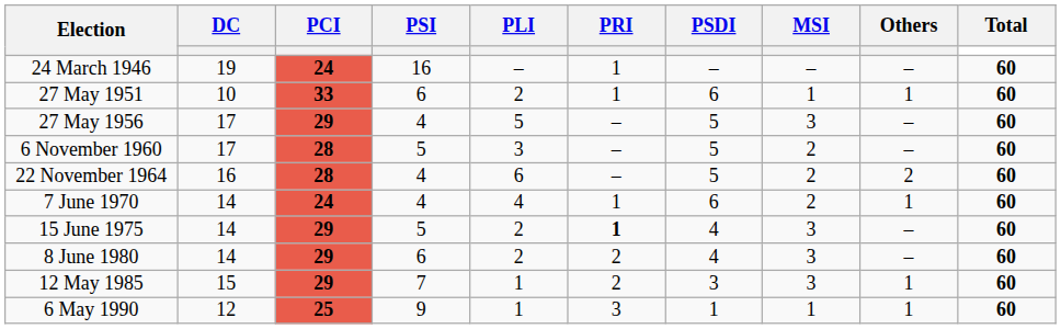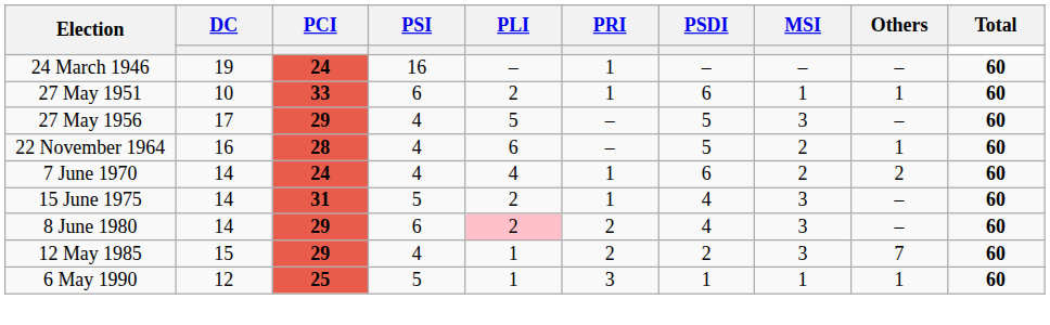 <table class="wikitable" style="text-align:center;font-size:90%;line-height:13px">
 <tr style="height:30px; background-color:#E9E9E9">
 <th style="width:120px;" rowspan="2">Election</th>
 <th style="width:65px;"><a href='#'>DC</a></th>
 <th style="width:65px;"><a href='#'>PCI</a></th>
 <th style="width:65px;"><a href='#'>PSI</a></th>
 <th style="width:65px;"><a href='#'>PLI</a></th>
 <th style="width:65px;"><a href='#'>PRI</a></th>
 <th style="width:65px;"><a href='#'>PSDI</a></th>
 <th style="width:65px;"><a href='#'>MSI</a></th>
 <th style="width:65px;">Others</th>
 <th style="width:65px;">Total</th>
 </tr>
 <tr>
 <th style="background:"></th>
 <th style="background:"></th>
 <th style="background:"></th>
 <th style="background:"></th>
 <th style="background:"></th>
 <th style="background:"></th>
 <th style="background:"></th>
 <th style="background:"></th>
 <th style="background:white;"></th>
 </tr>
 <tr>
 <td>24 March 1946</td>
 <td>19</td>
 <td style="background:#E95C4B"><strong>24</strong></td>
 <td>16</td>
 <td>–</td>
 <td>1</td>
 <td>–</td>
 <td>–</td>
 <td>–</td>
 <td><strong>60</strong></td>
 </tr>
 <tr>
 <td>27 May 1951</td>
 <td>10</td>
 <td style="background:#E95C4B"><strong>33</strong></td>
 <td>6</td>
 <td>2</td>
 <td>1</td>
 <td>6</td>
 <td>1</td>
 <td>1</td>
 <td><strong>60</strong></td>
 </tr>
 <tr>
 <td>27 May 1956</td>
 <td>17</td>
 <td style="background:#E95C4B"><strong>29</strong></td>
 <td>4</td>
 <td>5</td>
 <td>–</td>
 <td>5</td>
 <td>3</td>
 <td>–</td>
 <td><strong>60</strong></td>
 </tr>
 <tr>
-<td>6 November 1960</td>
-<td>17</td>
-<td style="background:#E95C4B"><strong>28</strong></td>
-<td>5</td>
-<td>3</td>
-<td>–</td>
-<td>5</td>
-<td>2</td>
-<td>–</td>
-<td><strong>60</strong></td>
-</tr>
-<tr>
 <td>22 November 1964</td>
 <td>16</td>
 <td style="background:#E95C4B"><strong>28</strong></td>
 <td>4</td>
 <td>6</td>
 <td>–</td>
 <td>5</td>
 <td>2</td>
-<td>2</td>
+<td>1</td>
 <td><strong>60</strong></td>
 </tr>
 <tr>
 <td>7 June 1970</td>
 <td>14</td>
 <td style="background:#E95C4B"><strong>24</strong></td>
 <td>4</td>
 <td>4</td>
 <td>1</td>
 <td>6</td>
 <td>2</td>
-<td>1</td>
+<td>2</td>
 <td><strong>60</strong></td>
 </tr>
 <tr>
 <td>15 June 1975</td>
 <td>14</td>
-<td style="background:#E95C4B"><strong>29</strong></td>
+<td style="background:#E95C4B"><strong>31</strong></td>
 <td>5</td>
 <td>2</td>
-<td><strong>1</strong></td>
+<td>1</td>
 <td>4</td>
 <td>3</td>
 <td>–</td>
 <td><strong>60</strong></td>
 </tr>
 <tr>
 <td>8 June 1980</td>
 <td>14</td>
 <td style="background:#E95C4B"><strong>29</strong></td>
 <td>6</td>
-<td>2</td>
+<td style="background: pink;">2</td>
 <td>2</td>
 <td>4</td>
 <td>3</td>
 <td>–</td>
 <td><strong>60</strong></td>
 </tr>
 <tr>
 <td>12 May 1985</td>
 <td>15</td>
 <td style="background:#E95C4B"><strong>29</strong></td>
-<td>7</td>
+<td>4</td>
 <td>1</td>
 <td>2</td>
+<td>2</td>
 <td>3</td>
-<td>3</td>
-<td>1</td>
+<td>7</td>
 <td><strong>60</strong></td>
 </tr>
 <tr>
 <td>6 May 1990</td>
 <td>12</td>
 <td style="background:#E95C4B"><strong>25</strong></td>
-<td>9</td>
+<td>5</td>
 <td>1</td>
 <td>3</td>
 <td>1</td>
 <td>1</td>
 <td>1</td>
 <td><strong>60</strong></td>
 </tr>
 </table>
